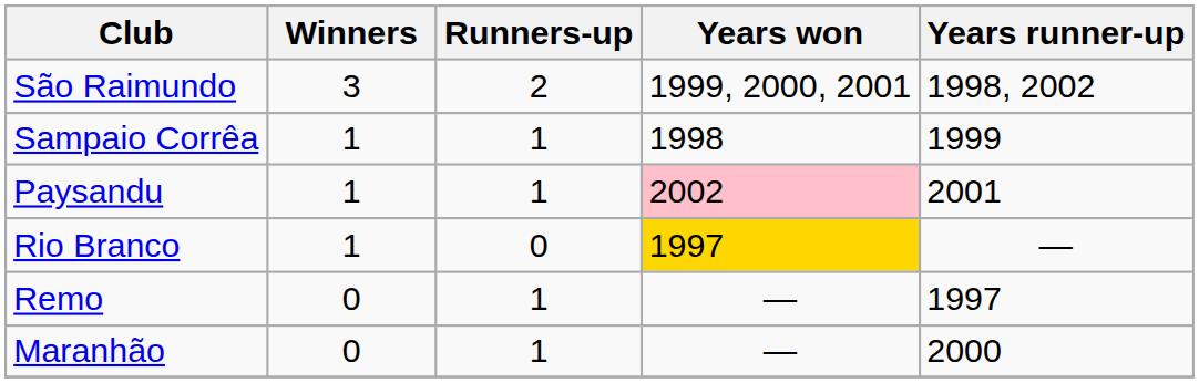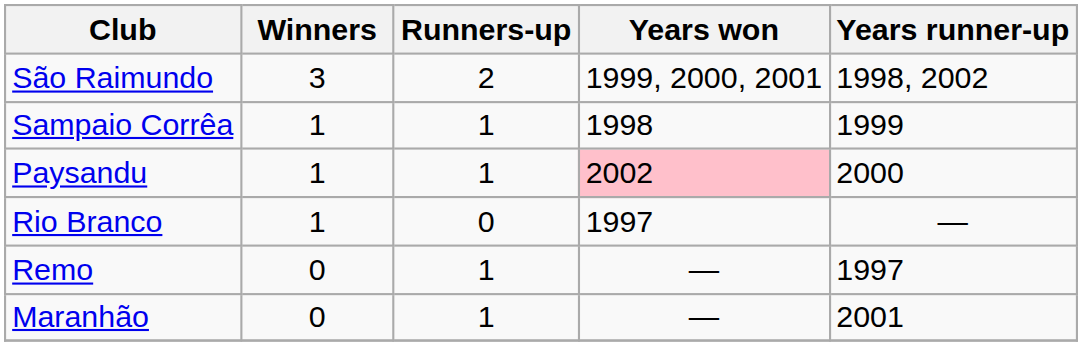 <table class="wikitable sortable" style="font-size: 90%;">
 <tr>
 <th class="unsortable">Club</th>
 <th width=66>Winners</th>
 <th>Runners-up</th>
 <th class="unsortable">Years won</th>
 <th class="unsortable">Years runner-up</th>
 </tr>
 <tr>
 <td> <a href='#'>São Raimundo</a></td>
 <td align=center>3</td>
 <td align=center>2</td>
 <td>1999, 2000, 2001</td>
 <td>1998, 2002</td>
 </tr>
 <tr>
 <td> <a href='#'>Sampaio Corrêa</a></td>
 <td align=center>1</td>
 <td align=center>1</td>
 <td>1998</td>
 <td>1999</td>
 </tr>
 <tr>
 <td> <a href='#'>Paysandu</a></td>
 <td align=center>1</td>
 <td align=center>1</td>
 <td style="background: pink;">2002</td>
-<td>2001</td>
+<td>2000</td>
 </tr>
 <tr>
 <td> <a href='#'>Rio Branco</a></td>
 <td align=center>1</td>
 <td align=center>0</td>
-<td style="background: gold;">1997</td>
+<td>1997</td>
 <td align=center>—</td>
 </tr>
 <tr>
 <td> <a href='#'>Remo</a></td>
 <td align=center>0</td>
 <td align=center>1</td>
 <td align=center>—</td>
 <td>1997</td>
 </tr>
 <tr>
 <td> <a href='#'>Maranhão</a></td>
 <td align=center>0</td>
 <td align=center>1</td>
 <td align=center>—</td>
-<td>2000</td>
+<td>2001</td>
 </tr>
 <tr>
 </tr>
 </table>
